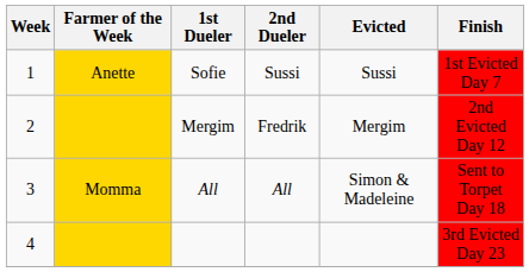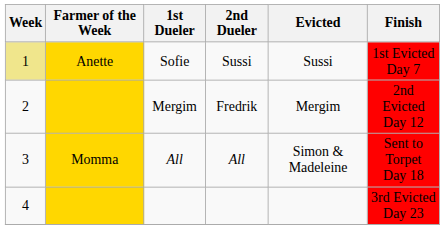 <table class="wikitable" style="font-size:100%; text-align:center; width: 80%; margin-left: auto; margin-right: auto;">
 <tr>
 <th>Week</th>
 <th>Farmer of the Week</th>
 <th>1st Dueler</th>
 <th>2nd Dueler</th>
 <th>Evicted</th>
 <th>Finish</th>
 </tr>
 <tr>
-<td>1</td>
+<td style="background: khaki;">1</td>
 <td style="background:gold;">Anette</td>
 <td>Sofie</td>
 <td>Sussi</td>
 <td>Sussi</td>
 <td style="background:#ff0000">1st Evicted<br>Day 7</td>
 </tr>
 <tr>
 <td>2</td>
 <td style="background:gold;"></td>
 <td>Mergim</td>
 <td>Fredrik</td>
 <td>Mergim</td>
 <td style="background:#ff0000">2nd Evicted<br>Day 12</td>
 </tr>
 <tr>
 <td>3</td>
 <td style="background:gold;">Momma</td>
 <td><em>All</em></td>
 <td><em>All</em></td>
 <td>Simon & Madeleine</td>
 <td style="background:#ff0000">Sent to Torpet<br>Day 18</td>
 </tr>
 <tr>
 <td>4</td>
 <td style="background:gold;"></td>
 <td></td>
 <td></td>
 <td></td>
 <td style="background:#ff0000">3rd Evicted<br>Day 23</td>
 </tr>
 <tr>
 </tr>
 </table>
